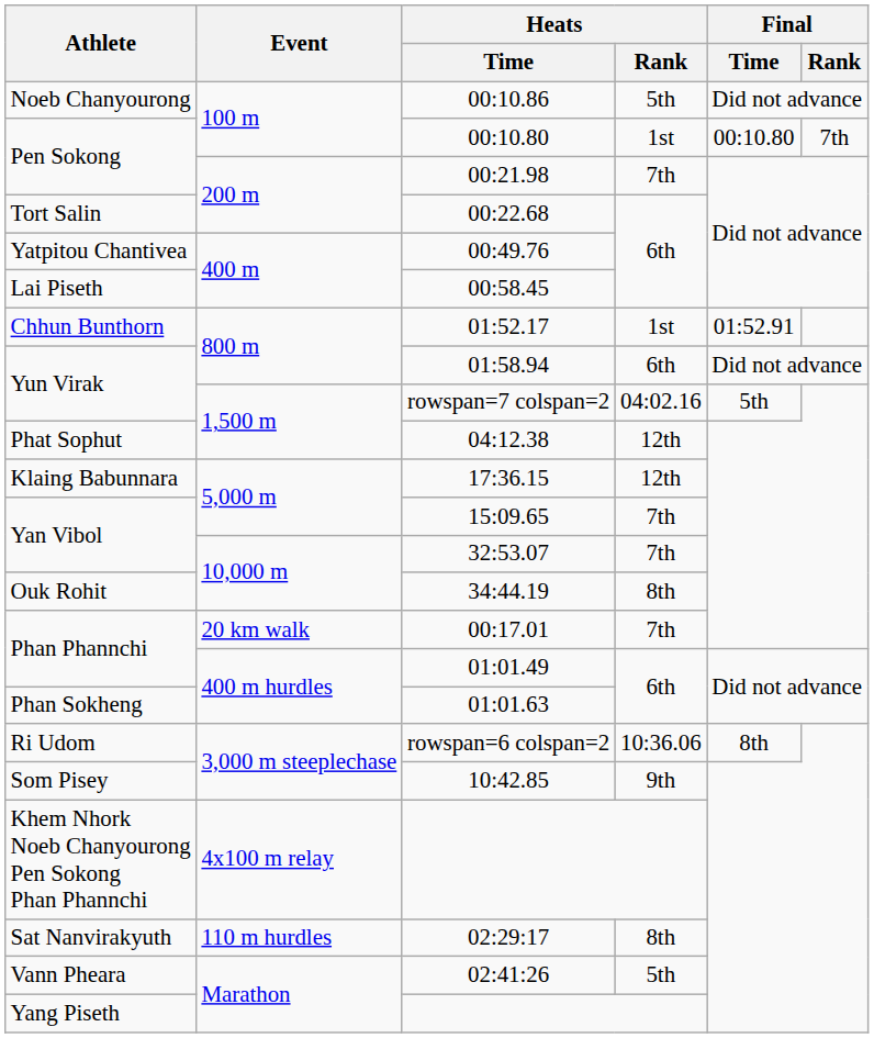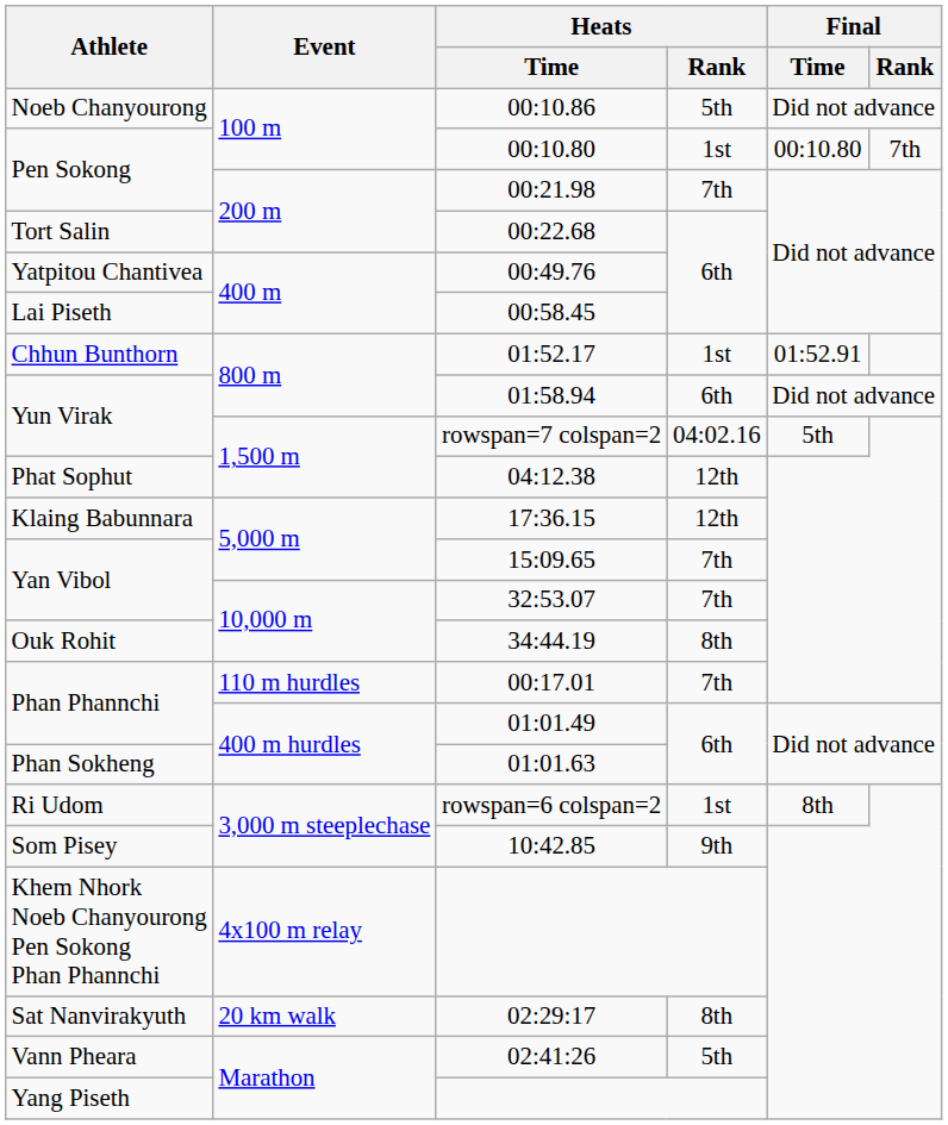 <table class="wikitable" style="font-size:90%">
 <tr>
 <th rowspan=2>Athlete</th>
 <th rowspan=2>Event</th>
 <th colspan=2>Heats</th>
 <th colspan=2>Final</th>
 </tr>
 <tr>
 <th>Time</th>
 <th>Rank</th>
 <th>Time</th>
 <th>Rank</th>
 </tr>
 <tr align=center>
 <td align=left>Noeb Chanyourong</td>
 <td rowspan=2 align=left><a href='#'>100 m</a></td>
 <td>00:10.86</td>
 <td>5th</td>
 <td colspan=2>Did not advance</td>
 </tr>
 <tr align=center>
 <td rowspan=2 align=left>Pen Sokong</td>
 <td>00:10.80</td>
 <td>1st</td>
 <td>00:10.80</td>
 <td>7th</td>
 </tr>
 <tr align=center>
 <td rowspan=2 align=left><a href='#'>200 m</a></td>
 <td>00:21.98</td>
 <td>7th</td>
 <td colspan=2 rowspan=4>Did not advance</td>
 </tr>
 <tr align=center>
 <td align=left>Tort Salin</td>
 <td>00:22.68</td>
 <td rowspan=3>6th</td>
 </tr>
 <tr align=center>
 <td align=left>Yatpitou Chantivea</td>
 <td rowspan=2 align=left><a href='#'>400 m</a></td>
 <td>00:49.76</td>
 </tr>
 <tr align=center>
 <td align=left>Lai Piseth</td>
 <td>00:58.45</td>
 </tr>
 <tr align=center>
 <td align=left><a href='#'>Chhun Bunthorn</a></td>
 <td rowspan=2 align=left><a href='#'>800 m</a></td>
 <td>01:52.17</td>
 <td>1st</td>
 <td>01:52.91</td>
 <td></td>
 </tr>
 <tr align=center>
 <td rowspan=2 align=left>Yun Virak</td>
 <td>01:58.94</td>
 <td>6th</td>
 <td colspan=2>Did not advance</td>
 </tr>
 <tr align=center>
 <td rowspan=2 align=left><a href='#'>1,500 m</a></td>
 <td>rowspan=7 colspan=2 </td>
 <td>04:02.16</td>
 <td>5th</td>
 </tr>
 <tr align=center>
 <td align=left>Phat Sophut</td>
 <td>04:12.38</td>
 <td>12th</td>
 </tr>
 <tr align=center>
 <td align=left>Klaing Babunnara</td>
 <td rowspan=2 align=left><a href='#'>5,000 m</a></td>
 <td>17:36.15</td>
 <td>12th</td>
 </tr>
 <tr align=center>
 <td rowspan=2 align=left>Yan Vibol</td>
 <td>15:09.65</td>
 <td>7th</td>
 </tr>
 <tr align=center>
 <td rowspan=2 align=left><a href='#'>10,000 m</a></td>
 <td>32:53.07</td>
 <td>7th</td>
 </tr>
 <tr align=center>
 <td align=left>Ouk Rohit</td>
 <td>34:44.19</td>
 <td>8th</td>
 </tr>
 <tr align=center>
 <td rowspan=2 align=left>Phan Phannchi</td>
-<td align=left><a href='#'>20 km walk</a></td>
+<td align=left><a href='#'>110 m hurdles</a></td>
 <td>00:17.01</td>
 <td>7th</td>
 </tr>
 <tr align=center>
 <td rowspan=2 align=left><a href='#'>400 m hurdles</a></td>
 <td>01:01.49</td>
 <td rowspan=2>6th</td>
 <td rowspan=2 colspan=2>Did not advance</td>
 </tr>
 <tr align=center>
 <td align=left>Phan Sokheng</td>
 <td>01:01.63</td>
 </tr>
 <tr align=center>
 <td align=left>Ri Udom</td>
 <td rowspan=2 align=left><a href='#'>3,000 m steeplechase</a></td>
 <td>rowspan=6 colspan=2 </td>
-<td>10:36.06</td>
+<td>1st</td>
 <td>8th</td>
 </tr>
 <tr align=center>
 <td align=left>Som Pisey</td>
 <td>10:42.85</td>
 <td>9th</td>
 </tr>
 <tr align=center>
 <td align=left>Khem Nhork<br>Noeb Chanyourong<br>Pen Sokong<br>Phan Phannchi</td>
 <td align=left><a href='#'>4x100 m relay</a></td>
 <td colspan=2></td>
 </tr>
 <tr align=center>
 <td align=left>Sat Nanvirakyuth</td>
-<td align=left><a href='#'>110 m hurdles</a></td>
+<td align=left><a href='#'>20 km walk</a></td>
 <td>02:29:17</td>
 <td>8th</td>
 </tr>
 <tr align=center>
 <td align=left>Vann Pheara</td>
 <td rowspan=2 align=left><a href='#'>Marathon</a></td>
 <td>02:41:26</td>
 <td>5th</td>
 </tr>
 <tr align=center>
 <td align=left>Yang Piseth</td>
 <td colspan=2></td>
 </tr>
 </table>
